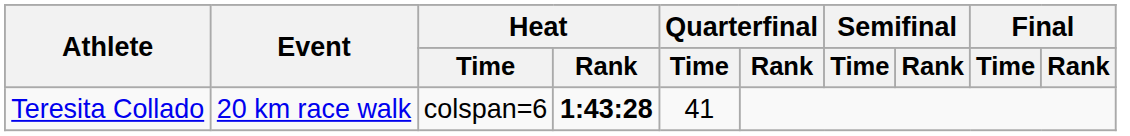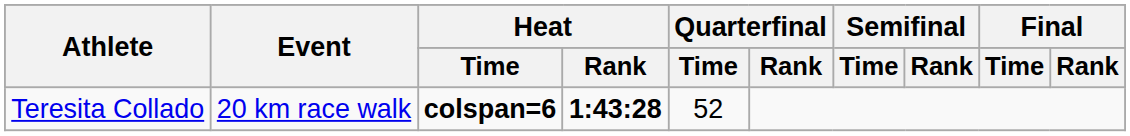 <table class=wikitable style=font-size:90%;text-align:center>
 <tr>
 <th rowspan=2>Athlete</th>
 <th rowspan=2>Event</th>
 <th colspan=2>Heat</th>
 <th colspan=2>Quarterfinal</th>
 <th colspan=2>Semifinal</th>
 <th colspan=2>Final</th>
 </tr>
 <tr style=font-size:95%>
 <th>Time</th>
 <th>Rank</th>
 <th>Time</th>
 <th>Rank</th>
 <th>Time</th>
 <th>Rank</th>
 <th>Time</th>
 <th>Rank</th>
 </tr>
 <tr>
 <td align=left><a href='#'>Teresita Collado</a></td>
 <td align=left><a href='#'>20 km race walk</a></td>
-<td>colspan=6 </td>
+<td><strong>colspan=6 </strong></td>
 <td><strong>1:43:28</strong></td>
-<td>41</td>
+<td>52</td>
 </tr>
 </table>
